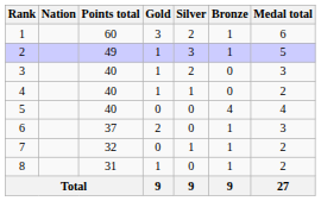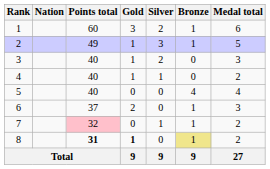 <table class=wikitable sortable style="text-align:center;">
 <tr>
 <th>Rank</th>
 <th>Nation</th>
 <th>Points total</th>
 <th>Gold</th>
 <th>Silver</th>
 <th>Bronze</th>
 <th>Medal total</th>
 </tr>
 <tr>
 <td>1</td>
 <td align=left></td>
 <td>60</td>
 <td>3</td>
 <td>2</td>
 <td>1</td>
 <td>6</td>
 </tr>
 <tr style="background-color:#ccccff">
 <td>2</td>
 <td align=left></td>
 <td>49</td>
 <td>1</td>
 <td>3</td>
 <td>1</td>
 <td>5</td>
 </tr>
 <tr>
 <td>3</td>
 <td align=left></td>
 <td>40</td>
 <td>1</td>
 <td>2</td>
 <td>0</td>
 <td>3</td>
 </tr>
 <tr>
 <td>4</td>
 <td align=left></td>
 <td>40</td>
 <td>1</td>
 <td>1</td>
 <td>0</td>
 <td>2</td>
 </tr>
 <tr>
 <td>5</td>
 <td align=left></td>
 <td>40</td>
 <td>0</td>
 <td>0</td>
 <td>4</td>
 <td>4</td>
 </tr>
 <tr>
 <td>6</td>
 <td align=left></td>
 <td>37</td>
 <td>2</td>
 <td>0</td>
 <td>1</td>
 <td>3</td>
 </tr>
 <tr>
 <td>7</td>
 <td align=left></td>
-<td>32</td>
+<td style="background: pink;">32</td>
 <td>0</td>
 <td>1</td>
 <td>1</td>
 <td>2</td>
 </tr>
 <tr>
 <td>8</td>
 <td align=left></td>
-<td>31</td>
-<td>1</td>
+<td><strong>31</strong></td>
+<td><strong>1</strong></td>
 <td>0</td>
-<td>1</td>
+<td style="background: khaki;">1</td>
 <td>2</td>
 </tr>
 <tr class="sortbottom">
 <th colspan=3>Total</th>
 <th>9</th>
 <th>9</th>
 <th>9</th>
 <th>27</th>
 </tr>
 </table>
